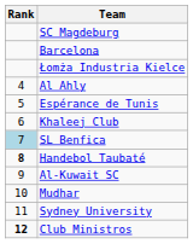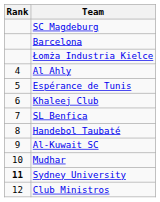 <table class="wikitable">
 <tr>
 <th>Rank</th>
 <th>Team</th>
 </tr>
 <tr style="background=gold">
 <td align=center></td>
 <td> <a href='#'>SC Magdeburg</a></td>
 </tr>
 <tr style="background=silver">
 <td align=center></td>
 <td> <a href='#'>Barcelona</a></td>
 </tr>
 <tr style="background=#c96">
 <td align=center></td>
 <td> <a href='#'>Łomża Industria Kielce</a></td>
 </tr>
 <tr>
 <td align=center>4</td>
 <td> <a href='#'>Al Ahly</a></td>
 </tr>
 <tr>
 <td align=center>5</td>
 <td> <a href='#'>Espérance de Tunis</a></td>
 </tr>
 <tr>
 <td align=center>6</td>
 <td> <a href='#'>Khaleej Club</a></td>
 </tr>
 <tr>
-<td align=center style="background: lightblue;">7</td>
+<td align=center>7</td>
 <td> <a href='#'>SL Benfica</a></td>
 </tr>
 <tr>
-<td align=center><strong>8</strong></td>
+<td align=center>8</td>
 <td> <a href='#'>Handebol Taubaté</a></td>
 </tr>
 <tr>
 <td align=center>9</td>
 <td> <a href='#'>Al-Kuwait SC</a></td>
 </tr>
 <tr>
 <td align=center>10</td>
 <td> <a href='#'>Mudhar</a></td>
 </tr>
 <tr>
-<td align=center>11</td>
+<td align=center><strong>11</strong></td>
 <td> <a href='#'>Sydney University</a></td>
 </tr>
 <tr>
-<td align=center><strong>12</strong></td>
+<td align=center>12</td>
 <td> <a href='#'>Club Ministros</a></td>
 </tr>
 </table>
